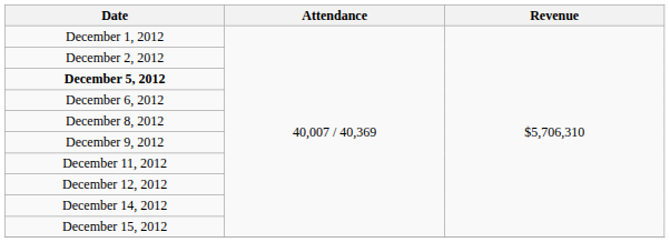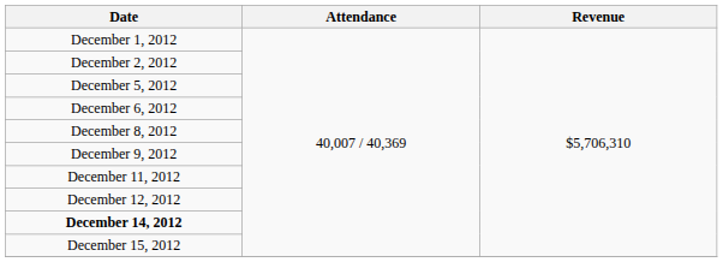 <table class="wikitable plainrowheaders" style="text-align:center;">
 <tr>
 <th scope="col" style="width:16em;">Date</th>
 <th scope="col" style="width:16em;">Attendance</th>
 <th scope="col" style="width:16em;">Revenue</th>
 </tr>
 <tr>
 <td>December 1, 2012</td>
 <td rowspan="10">40,007 / 40,369</td>
 <td rowspan="10">$5,706,310</td>
 </tr>
 <tr>
 <td>December 2, 2012</td>
 </tr>
 <tr>
-<td><strong>December 5, 2012</strong></td>
+<td>December 5, 2012</td>
 </tr>
 <tr>
 <td>December 6, 2012</td>
 </tr>
 <tr>
 <td>December 8, 2012</td>
 </tr>
 <tr>
 <td>December 9, 2012</td>
 </tr>
 <tr>
 <td>December 11, 2012</td>
 </tr>
 <tr>
 <td>December 12, 2012</td>
 </tr>
 <tr>
-<td>December 14, 2012</td>
+<td><strong>December 14, 2012</strong></td>
 </tr>
 <tr>
 <td>December 15, 2012</td>
 </tr>
 <tr>
 </tr>
 </table>
